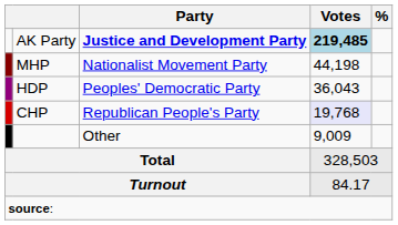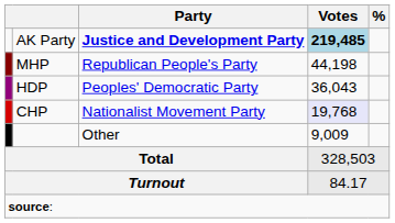 <table class="wikitable">
 <tr>
 <th colspan="2" align="center"></th>
 <th align="center">Party</th>
 <th align="center">Votes</th>
 <th align="center">%</th>
 </tr>
 <tr align="left">
 <td></td>
 <td>AK Party</td>
 <td><strong><a href='#'>Justice and Development Party</a></strong></td>
 <td style="background: lightblue;"><strong>219,485</strong></td>
 <td><strong></strong></td>
 </tr>
 <tr align="left">
 <td bgcolor="#870000" width="1"></td>
 <td>MHP</td>
-<td><a href='#'>Nationalist Movement Party</a></td>
+<td><a href='#'>Republican People's Party</a></td>
 <td>44,198</td>
 <td></td>
 </tr>
 <tr align="left">
 <td bgcolor="#91007B" width="1"></td>
 <td>HDP</td>
 <td><a href='#'>Peoples' Democratic Party</a></td>
 <td>36,043</td>
 <td></td>
 </tr>
 <tr align="left">
 <td bgcolor="#d50000" width="1"></td>
 <td>CHP</td>
-<td><a href='#'>Republican People's Party</a></td>
+<td><a href='#'>Nationalist Movement Party</a></td>
 <td style="background: lavender;">19,768</td>
 <td></td>
 </tr>
 <tr align="left">
 <td bgcolor=" " width="1"></td>
 <td></td>
 <td>Other</td>
 <td>9,009</td>
 <td></td>
 </tr>
 <tr align="left" style="background-color:#E9E9E9">
 <th colspan="3" align="center"><strong>Total</strong></th>
 <td colspan="5" align="center">328,503</td>
 </tr>
 <tr align="left" style="background-color:#E9E9E9">
 <th colspan="3" align="center"><em>Turnout</em></th>
 <td colspan="5" align="center">84.17</td>
 </tr>
 <tr>
 <td colspan="9" align="left"><small><strong>source</strong>: </small></td>
 </tr>
 </table>
